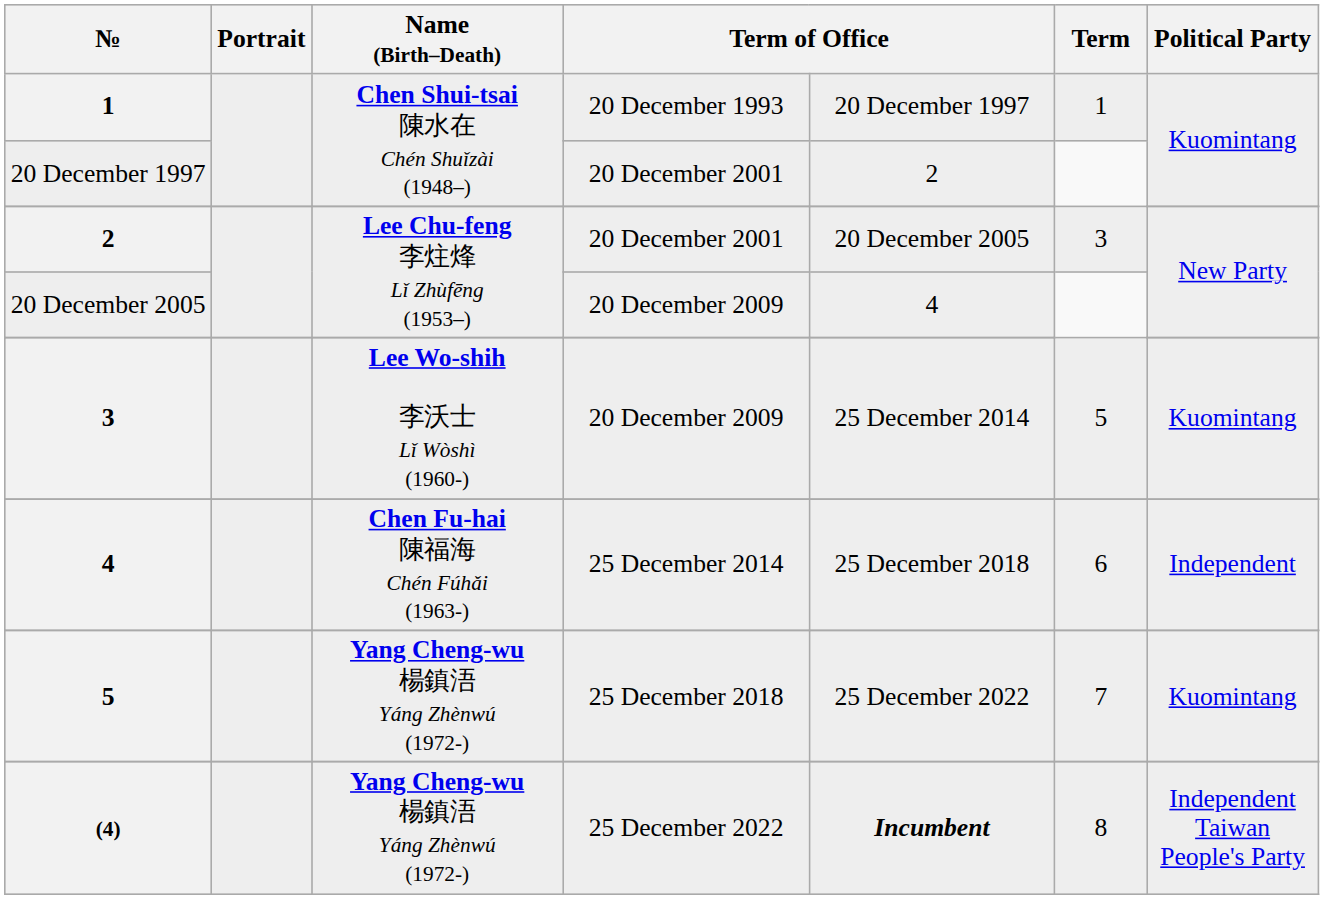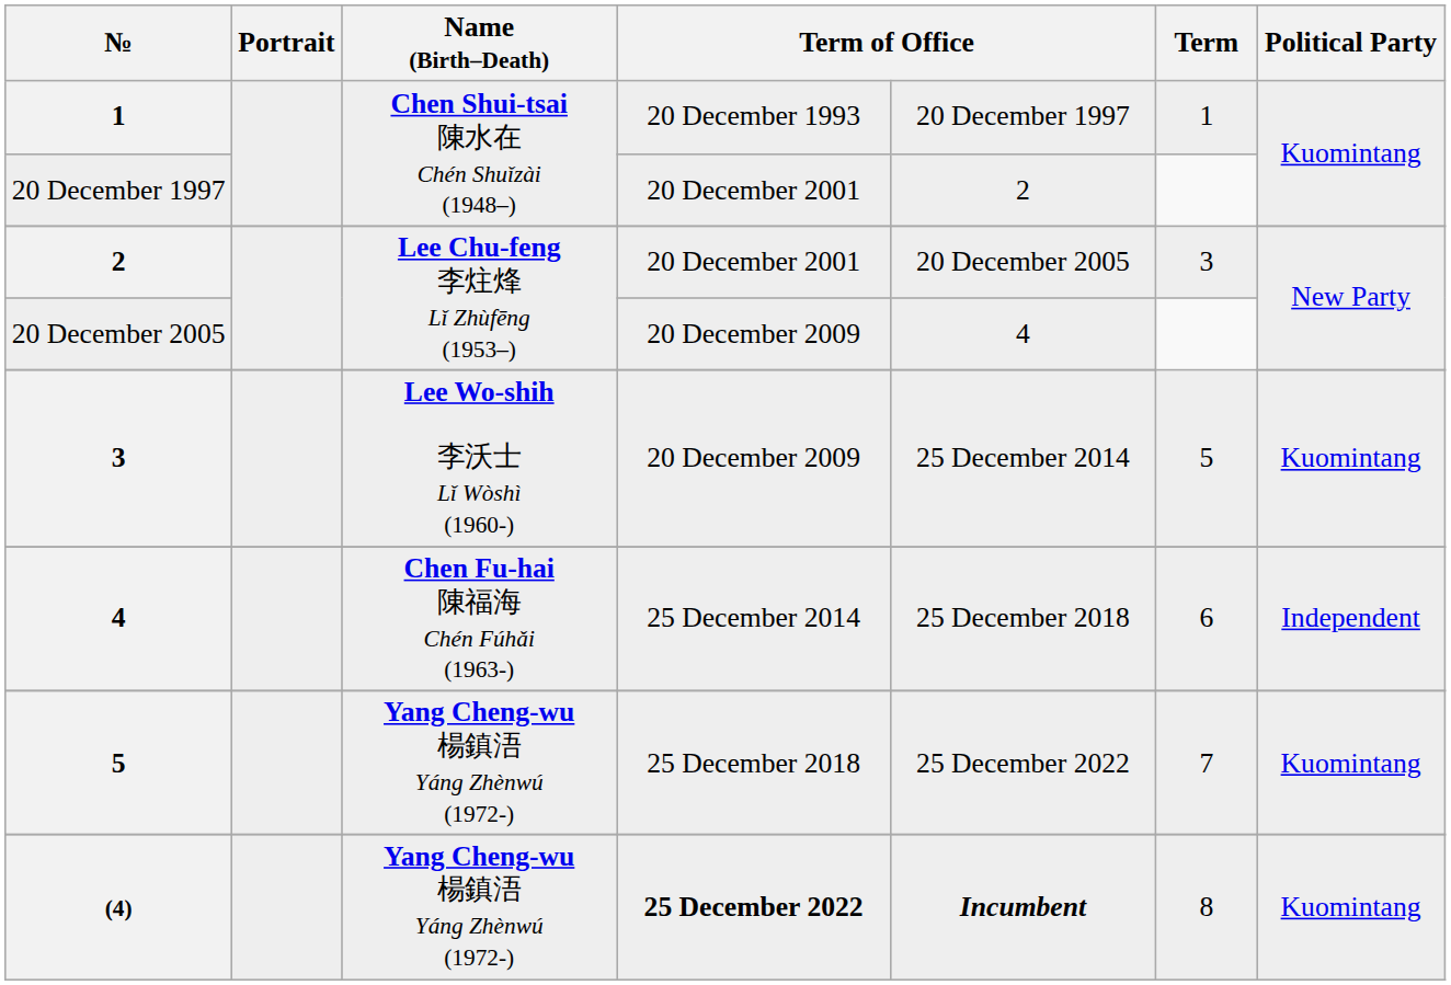 <table class="wikitable" style="text-align:center">
 <tr ->
 <th>№</th>
 <th>Portrait</th>
 <th width="150">Name<br><small>(Birth–Death)</small></th>
 <th colspan=2 width="300">Term of Office</th>
 <th width = "50">Term</th>
 <th width="100">Political Party</th>
 </tr>
 <tr - bgcolor=#EEEEEE>
 <th style="background:">1</th>
 <td rowspan=2></td>
 <td rowspan=2 align=center><strong><a href='#'>Chen Shui-tsai</a></strong><br><span>陳水在</span><br><small><em>Chén Shuǐzài</em><br>(1948–)</small></td>
 <td>20 December 1993</td>
 <td>20 December 1997</td>
 <td>1</td>
 <td rowspan=2><a href='#'>Kuomintang</a></td>
 </tr>
 <tr - bgcolor=#EEEEEE>
 <td>20 December 1997</td>
 <td>20 December 2001</td>
 <td>2</td>
 </tr>
 <tr ->
 </tr>
 <tr - bgcolor=#EEEEEE>
 <th style="background:">2</th>
 <td rowspan=2></td>
 <td rowspan=2 align=center><strong><a href='#'>Lee Chu-feng</a></strong><br><span>李炷烽</span><br><small><em>Lǐ Zhùfēng</em><br>(1953–)</small></td>
 <td>20 December 2001</td>
 <td>20 December 2005</td>
 <td>3</td>
 <td rowspan=2> <a href='#'>New Party</a></td>
 </tr>
 <tr - bgcolor=#EEEEEE>
 <td>20 December 2005</td>
 <td>20 December 2009</td>
 <td>4</td>
 </tr>
 <tr ->
 </tr>
 <tr - bgcolor=#EEEEEE>
 <th style="background:">3</th>
 <td></td>
 <td align=center><strong><a href='#'>Lee Wo-shih</a></strong><br><br><span>李沃士</span><br><small><em>Lǐ Wòshì</em><br>(1960-)</small></td>
 <td>20 December 2009</td>
 <td>25 December 2014 </td>
 <td>5</td>
 <td><a href='#'>Kuomintang</a></td>
 </tr>
 <tr ->
 </tr>
 <tr - bgcolor=#EEEEEE>
 <th style="background:">4</th>
 <td></td>
 <td align=center><strong><a href='#'>Chen Fu-hai</a></strong><br><span>陳福海</span><br><small><em>Chén Fúhǎi</em><br>(1963-)</small></td>
 <td>25 December 2014</td>
 <td>25 December 2018 </td>
 <td>6</td>
 <td><a href='#'>Independent</a></td>
 </tr>
 <tr ->
 </tr>
 <tr - bgcolor=#EEEEEE>
 <th style="background:">5</th>
 <td></td>
 <td align=center><strong><a href='#'>Yang Cheng-wu</a></strong><br><span>楊鎮浯</span><br><small><em>Yáng Zhènwú</em><br>(1972-)</small></td>
 <td>25 December 2018</td>
 <td>25 December 2022 </td>
 <td>7</td>
 <td><a href='#'>Kuomintang</a></td>
 </tr>
 <tr ->
 </tr>
 <tr - bgcolor=#EEEEEE>
 <th style="background:"><small>(4)</small></th>
 <td></td>
 <td align=center><strong><a href='#'>Yang Cheng-wu</a></strong><br><span>楊鎮浯</span><br><small><em>Yáng Zhènwú</em><br>(1972-)</small></td>
-<td>25 December 2022</td>
+<td><strong>25 December 2022</strong></td>
 <td><strong><em>Incumbent</em></strong></td>
 <td>8</td>
-<td><a href='#'>Independent</a><br><a href='#'>Taiwan People's Party</a></td>
+<td><a href='#'>Kuomintang</a></td>
 </tr>
 <tr ->
 </tr>
 </table>
